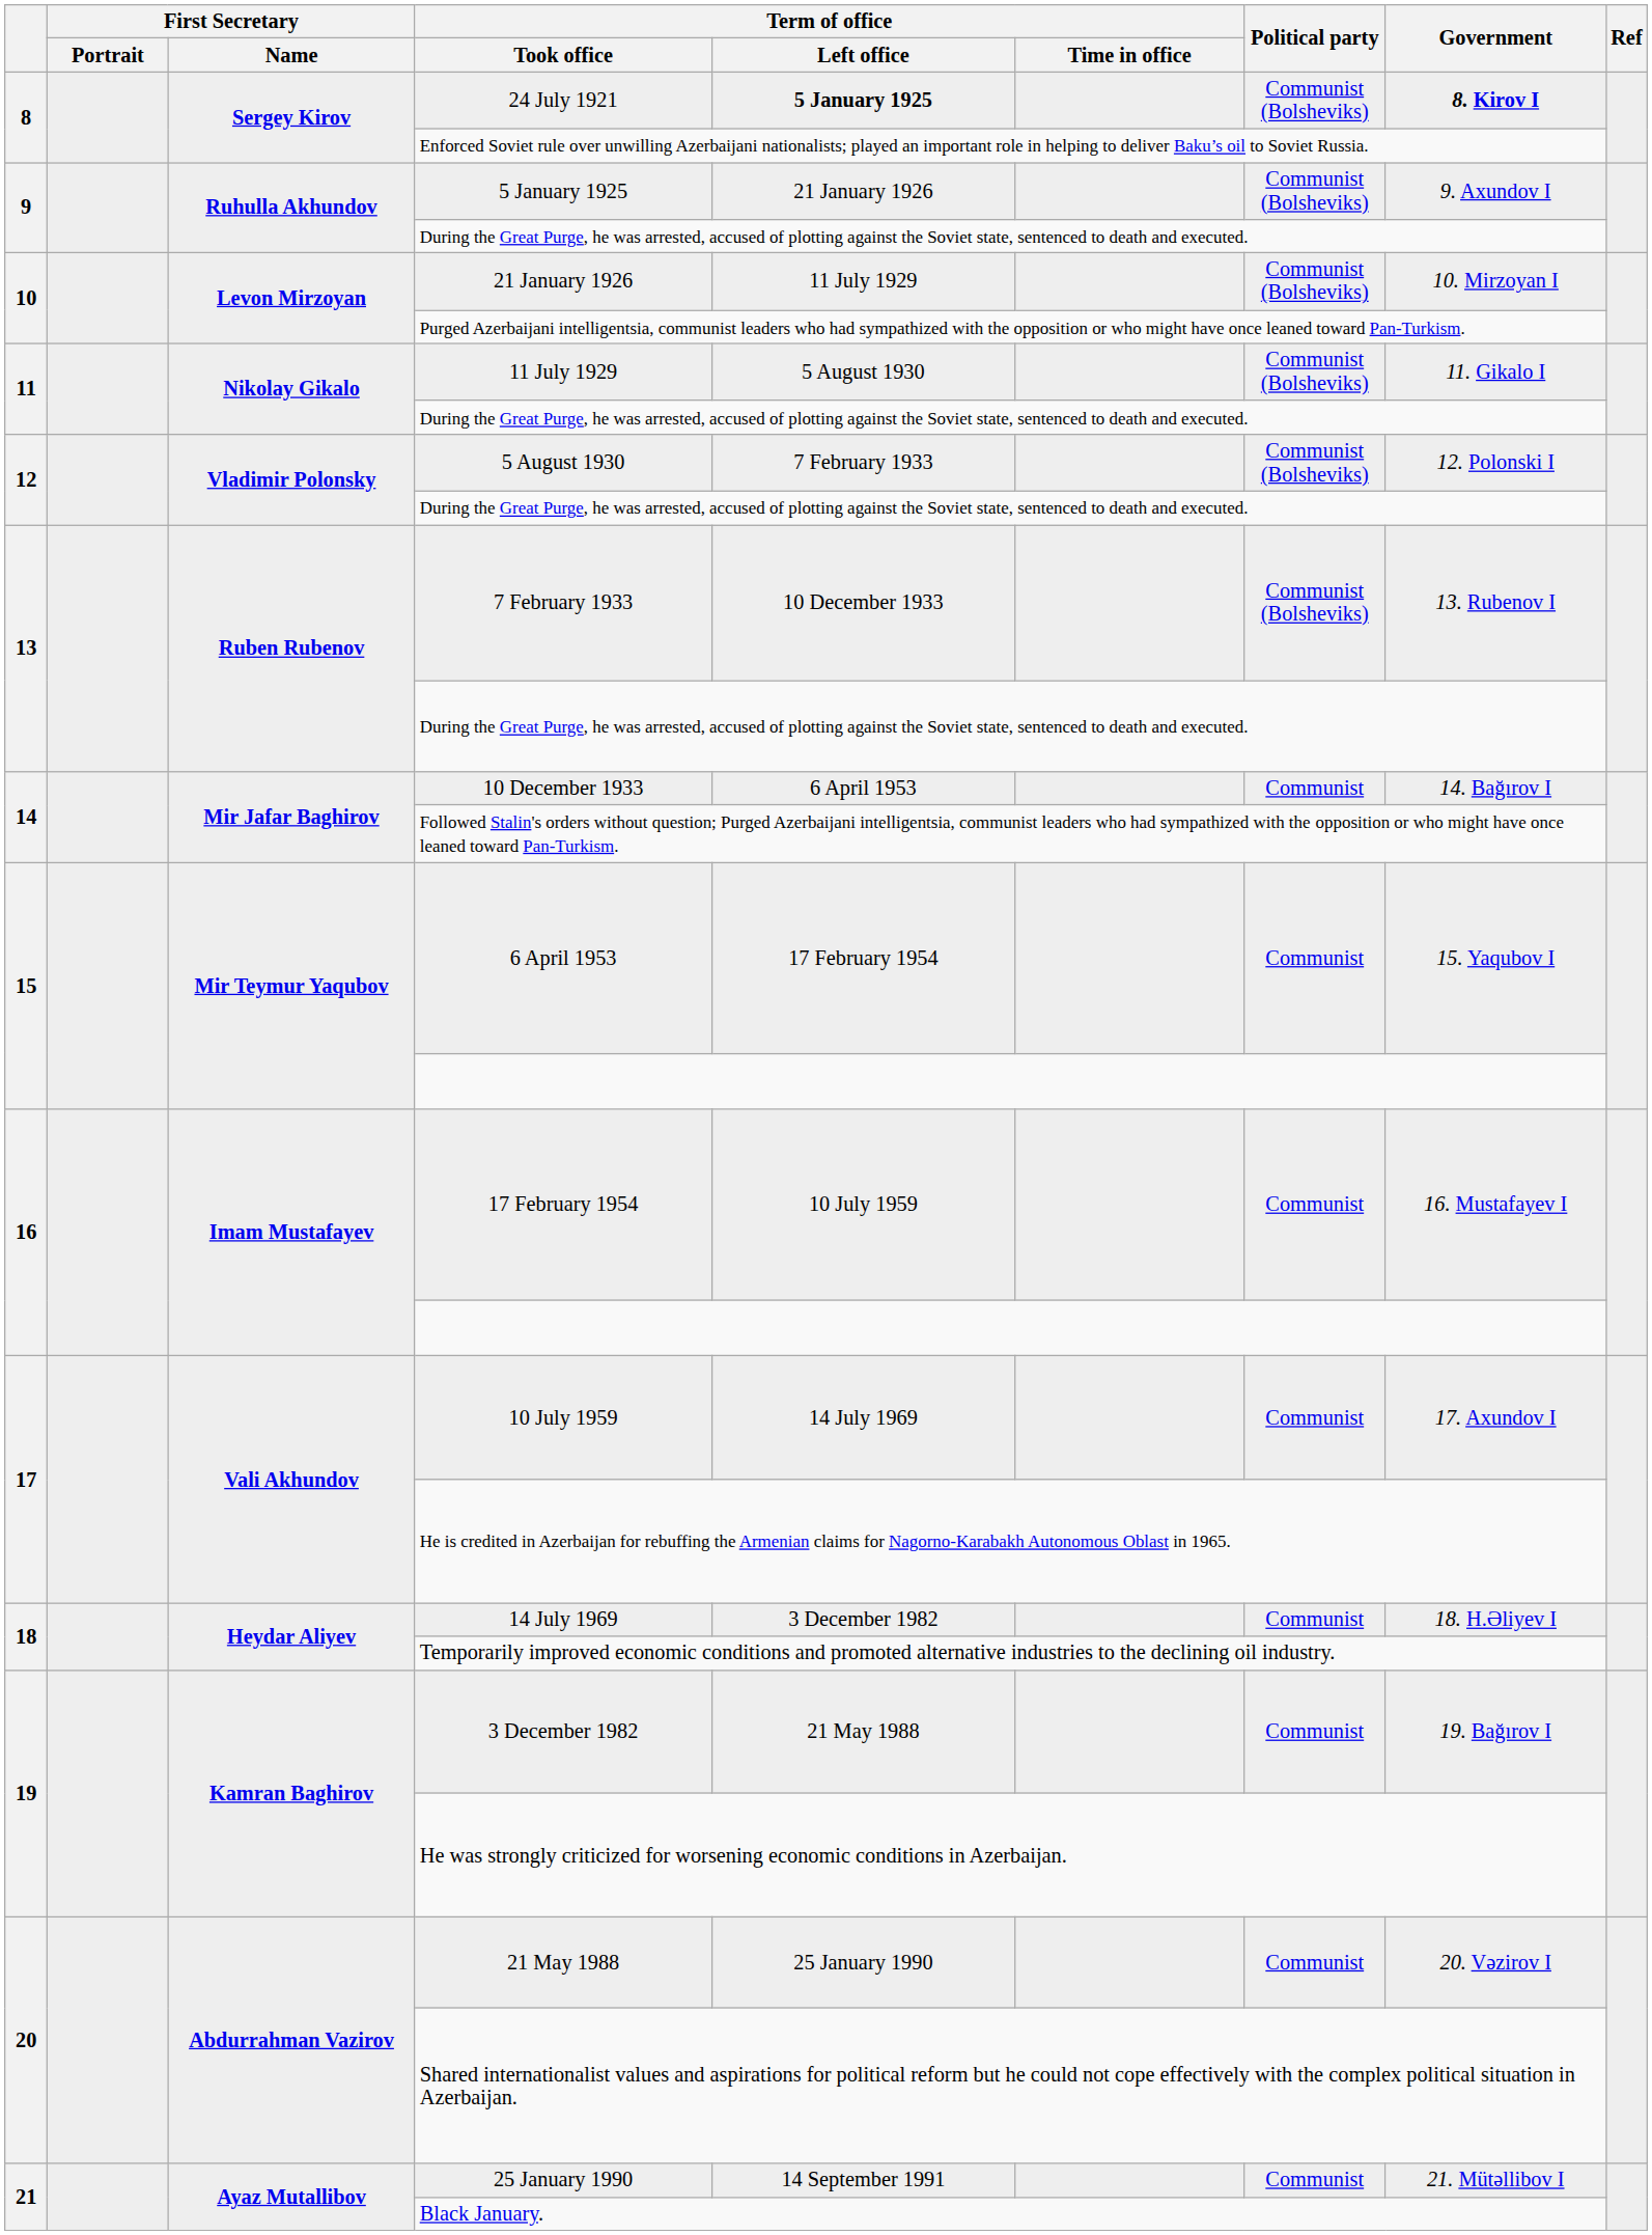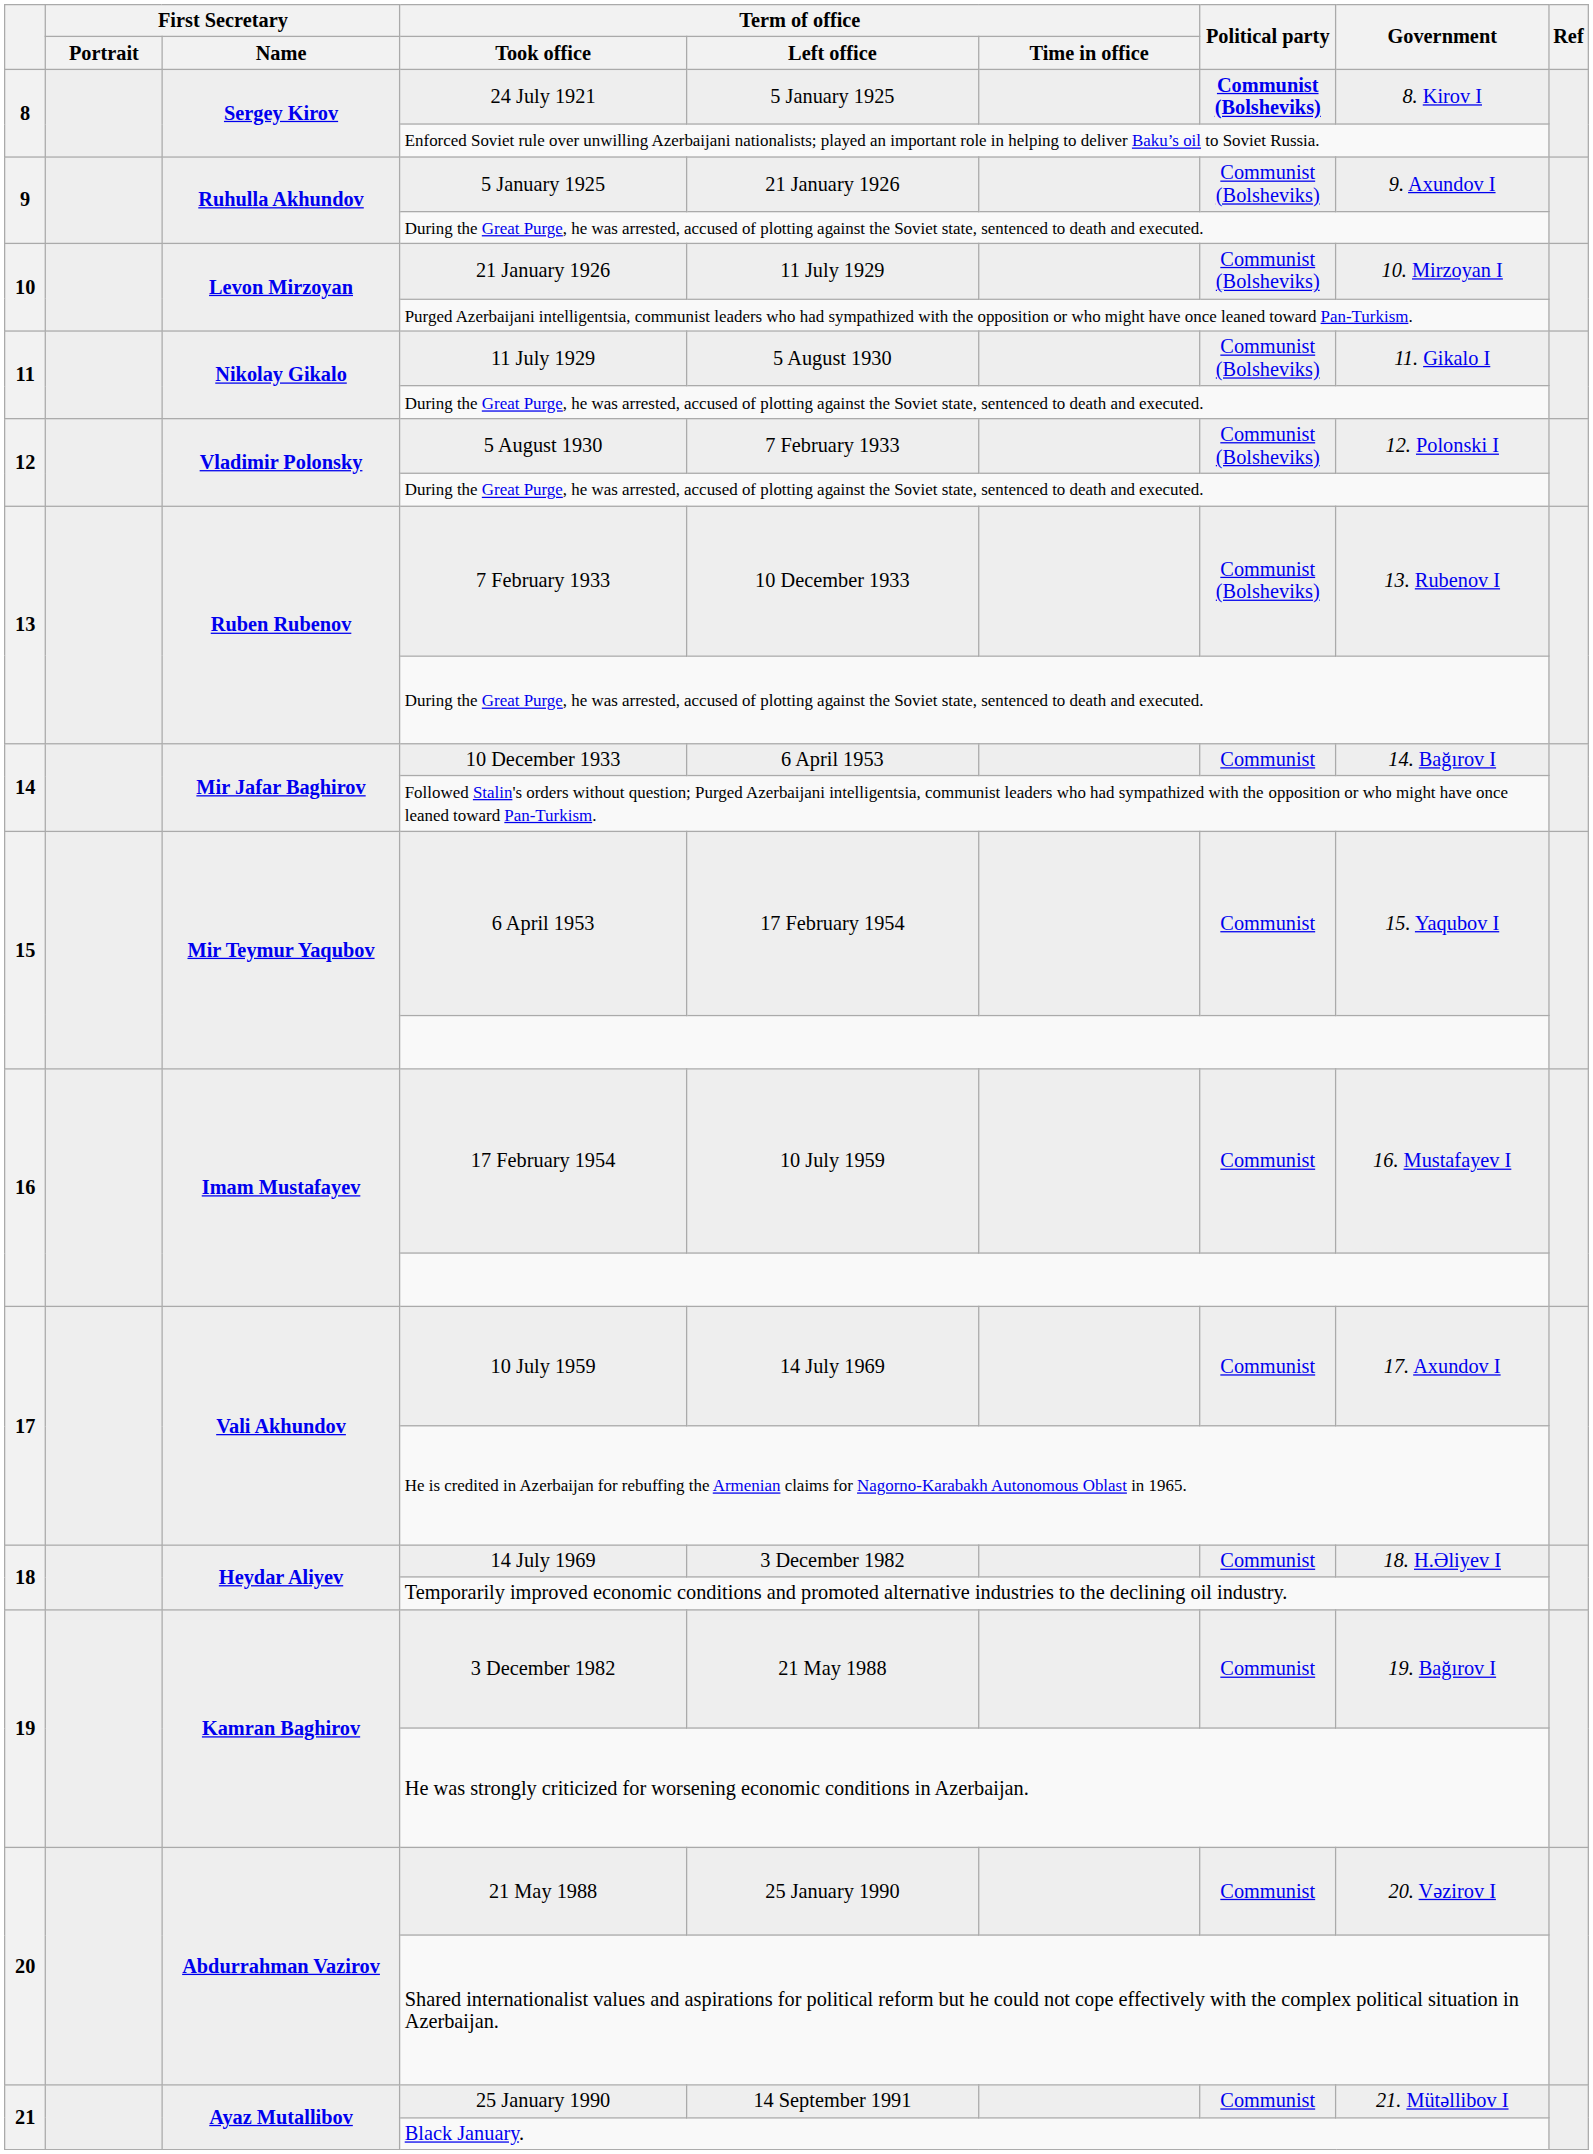 <table class="wikitable"  style="text-align:center">
 <tr>
 <th rowspan=2 style="width:25px;"></th>
 <th colspan=2 style="width:280px;">First Secretary<br></th>
 <th colspan="3">Term of office</th>
 <th rowspan="2" style="width:100px;">Political party</th>
 <th style="width:160px;" rowspan="2">Government</th>
 <th rowspan=2 style="width:20px;">Ref</th>
 </tr>
 <tr>
 <th>Portrait</th>
 <th width=180px>Name</th>
 <th>Took office</th>
 <th>Left office</th>
 <th>Time in office</th>
 </tr>
 <tr bgcolor=#EEEEEE>
 <th rowspan=2 style="background:">8</th>
 <td rowspan=2></td>
 <td rowspan=2><strong><a href='#'>Sergey Kirov</a></strong><br></td>
 <td>24 July 1921</td>
-<td><strong>5 January 1925</strong></td>
+<td>5 January 1925</td>
 <td><small></small></td>
-<td style="background:"><a href='#'><span>Communist <br> (Bolsheviks)</span></a></td>
-<td><strong><em>8.</em> <a href='#'>Kirov I</a></strong></td>
+<td style="background:"><strong><a href='#'><span>Communist <br> (Bolsheviks)</span></a></strong></td>
+<td><em>8.</em> <a href='#'>Kirov I</a></td>
 <td rowspan=2></td>
 </tr>
 <tr>
 <td colspan="5" align=left style="width:160px;"><small>Enforced Soviet rule over unwilling Azerbaijani nationalists; played an important role in helping to deliver <a href='#'>Baku’s oil</a> to Soviet Russia.</small></td>
 </tr>
 <tr bgcolor="#EEEEEE">
 <th rowspan="2" style="background:">9</th>
 <td rowspan="2"></td>
 <td rowspan="2"><strong><a href='#'>Ruhulla Akhundov</a></strong><br></td>
 <td>5 January 1925</td>
 <td>21 January 1926</td>
 <td><small></small></td>
 <td style="background:"><a href='#'><span>Communist <br> (Bolsheviks)</span></a></td>
 <td><em>9.</em> <a href='#'>Axundov I</a></td>
 <td rowspan="2"></td>
 </tr>
 <tr>
 <td colspan="5" align=left><small>During the <a href='#'>Great Purge</a>, he was arrested, accused of plotting against the Soviet state, sentenced to death and executed.</small></td>
 </tr>
 <tr bgcolor="#EEEEEE">
 <th rowspan="2" style="background:">10</th>
 <td rowspan="2"></td>
 <td rowspan="2"><strong><a href='#'>Levon Mirzoyan</a></strong><br></td>
 <td>21 January 1926</td>
 <td>11 July 1929</td>
 <td><small></small></td>
 <td style="background:"><a href='#'><span>Communist <br> (Bolsheviks)</span></a></td>
 <td><em>10.</em> <a href='#'>Mirzoyan I</a></td>
 <td rowspan="2"></td>
 </tr>
 <tr>
 <td colspan="5" align=left><small>Purged Azerbaijani intelligentsia, communist leaders who had sympathized with the opposition or who might have once leaned toward <a href='#'>Pan-Turkism</a>.</small></td>
 </tr>
 <tr bgcolor="#EEEEEE">
 <th rowspan="2" style="background:">11</th>
 <td rowspan="2"></td>
 <td rowspan="2"><strong><a href='#'>Nikolay Gikalo</a></strong><br></td>
 <td>11 July 1929</td>
 <td>5 August 1930</td>
 <td><small></small></td>
 <td style="background:"><a href='#'><span>Communist <br> (Bolsheviks)</span></a></td>
 <td><em>11.</em> <a href='#'>Gikalo I</a></td>
 <td rowspan="2"></td>
 </tr>
 <tr>
 <td colspan="5" align=left><small>During the <a href='#'>Great Purge</a>, he was arrested, accused of plotting against the Soviet state, sentenced to death and executed.</small></td>
 </tr>
 <tr bgcolor="#EEEEEE">
 <th rowspan="2" style="background:">12</th>
 <td rowspan="2"></td>
 <td rowspan="2"><strong><a href='#'>Vladimir Polonsky</a></strong><br></td>
 <td>5 August 1930</td>
 <td>7 February 1933</td>
 <td><small></small></td>
 <td style="background:"><a href='#'><span>Communist <br> (Bolsheviks)</span></a></td>
 <td><em>12.</em> <a href='#'>Polonski I</a></td>
 <td rowspan="2"></td>
 </tr>
 <tr>
 <td colspan="5" align=left><small>During the <a href='#'>Great Purge</a>, he was arrested, accused of plotting against the Soviet state, sentenced to death and executed.</small></td>
 </tr>
 <tr bgcolor="#EEEEEE">
 <th rowspan="2" style="background:">13</th>
 <td rowspan="2" style="height:180px"></td>
 <td rowspan="2"><strong><a href='#'>Ruben Rubenov</a></strong><br></td>
 <td>7 February 1933</td>
 <td>10 December 1933</td>
 <td><small></small></td>
 <td style="background:"><a href='#'><span>Communist <br> (Bolsheviks)</span></a></td>
 <td><em>13.</em> <a href='#'>Rubenov I</a></td>
 <td rowspan="2"></td>
 </tr>
 <tr>
 <td colspan="5" align=left><small>During the <a href='#'>Great Purge</a>, he was arrested, accused of plotting against the Soviet state, sentenced to death and executed.</small></td>
 </tr>
 <tr bgcolor="#EEEEEE">
 <th rowspan="2" style="background:">14</th>
 <td rowspan="2"></td>
 <td rowspan="2"><strong><a href='#'>Mir Jafar Baghirov</a></strong><br></td>
 <td>10 December 1933</td>
 <td>6 April 1953</td>
 <td><small></small></td>
 <td style="background:"><a href='#'><span>Communist <br></span></a></td>
 <td><em>14.</em> <a href='#'>Bağırov I</a></td>
 <td rowspan="2"></td>
 </tr>
 <tr>
 <td colspan="5" align=left><small>Followed <a href='#'>Stalin</a>'s orders without question; Purged Azerbaijani intelligentsia, communist leaders who had sympathized with the</small> <small>opposition or who might have once leaned toward <a href='#'>Pan-Turkism</a>.</small></td>
 </tr>
 <tr bgcolor="#EEEEEE">
 <th rowspan="2" style="background:">15</th>
 <td rowspan="2" style="height:180px"></td>
 <td rowspan="2"><strong><a href='#'>Mir Teymur Yaqubov</a></strong><br></td>
 <td>6 April 1953</td>
 <td>17 February 1954</td>
 <td><small></small></td>
 <td style="background:"><a href='#'><span>Communist <br></span></a></td>
 <td><em>15.</em> <a href='#'>Yaqubov I</a></td>
 <td rowspan="2"></td>
 </tr>
 <tr>
 <td colspan="5" align="left"></td>
 </tr>
 <tr bgcolor="#EEEEEE">
 <th rowspan="2" style="background:">16</th>
 <td rowspan="2" style="height:180px"></td>
 <td rowspan="2"><strong><a href='#'>Imam Mustafayev</a></strong><br></td>
 <td>17 February 1954</td>
 <td>10 July 1959</td>
 <td><small></small></td>
 <td style="background:"><a href='#'><span>Communist <br></span></a></td>
 <td><em>16.</em> <a href='#'>Mustafayev I</a></td>
 <td rowspan="2"></td>
 </tr>
 <tr>
 <td colspan="5" align=left></td>
 </tr>
 <tr bgcolor="#EEEEEE">
 <th rowspan="2" style="background:">17</th>
 <td rowspan="2" style="height:180px"></td>
 <td rowspan="2"><strong><a href='#'>Vali Akhundov</a></strong><br></td>
 <td>10 July 1959</td>
 <td>14 July 1969</td>
 <td><small></small></td>
 <td style="background:"><a href='#'><span>Communist <br></span></a></td>
 <td><em>17.</em> <a href='#'>Axundov I</a></td>
 <td rowspan="2"></td>
 </tr>
 <tr>
 <td colspan="5" align=left><small>He is credited in Azerbaijan for rebuffing the <a href='#'>Armenian</a> claims for <a href='#'>Nagorno-Karabakh Autonomous Oblast</a> in 1965.</small></td>
 </tr>
 <tr bgcolor="#EEEEEE">
 <th rowspan="2" style="background:">18</th>
 <td rowspan="2"></td>
 <td rowspan="2"><strong><a href='#'>Heydar Aliyev</a></strong><br></td>
 <td>14 July 1969</td>
 <td>3 December 1982</td>
 <td><small></small></td>
 <td style="background:"><a href='#'><span>Communist <br></span></a></td>
 <td><em>18.</em> <a href='#'>H.Əliyev I</a></td>
 <td rowspan="2"></td>
 </tr>
 <tr>
 <td colspan="5" align=left>Temporarily improved economic conditions and promoted alternative industries to the declining oil industry.</td>
 </tr>
 <tr bgcolor="#EEEEEE">
 <th rowspan="2" style="background:">19</th>
 <td rowspan="2" style="height:180px"></td>
 <td rowspan="2"><strong><a href='#'>Kamran Baghirov</a></strong><br></td>
 <td>3 December 1982</td>
 <td>21 May 1988</td>
 <td><small></small></td>
 <td style="background:"><a href='#'><span>Communist <br></span></a></td>
 <td><em>19.</em> <a href='#'>Bağırov I</a></td>
 <td rowspan="2"></td>
 </tr>
 <tr>
 <td colspan="5" align=left>He was strongly criticized for worsening economic conditions in Azerbaijan.</td>
 </tr>
 <tr bgcolor="#EEEEEE">
 <th rowspan="2" style="background:">20</th>
 <td rowspan="2" style="height:180px"></td>
 <td rowspan="2"><strong><a href='#'>Abdurrahman Vazirov</a></strong><br></td>
 <td>21 May 1988</td>
 <td>25 January 1990</td>
 <td><small></small></td>
 <td style="background:"><a href='#'><span>Communist <br></span></a></td>
 <td><em>20.</em> <a href='#'>Vəzirov I</a></td>
 <td rowspan="2"></td>
 </tr>
 <tr>
 <td colspan="5" align=left>Shared internationalist values and aspirations for political reform but he could not cope effectively with the complex political situation in Azerbaijan.</td>
 </tr>
 <tr bgcolor="#EEEEEE">
 <th rowspan="2" style="background:">21</th>
 <td rowspan="2"></td>
 <td rowspan="2"><strong><a href='#'>Ayaz Mutallibov</a></strong><br></td>
 <td>25 January 1990</td>
 <td>14 September 1991</td>
 <td><small></small></td>
 <td style="background:"><a href='#'><span>Communist <br></span></a></td>
 <td><em>21.</em> <a href='#'>Mütəllibov I</a></td>
 <td rowspan="2"></td>
 </tr>
 <tr>
 <td colspan="5" align=left><a href='#'>Black January</a>.</td>
 </tr>
 </table>
